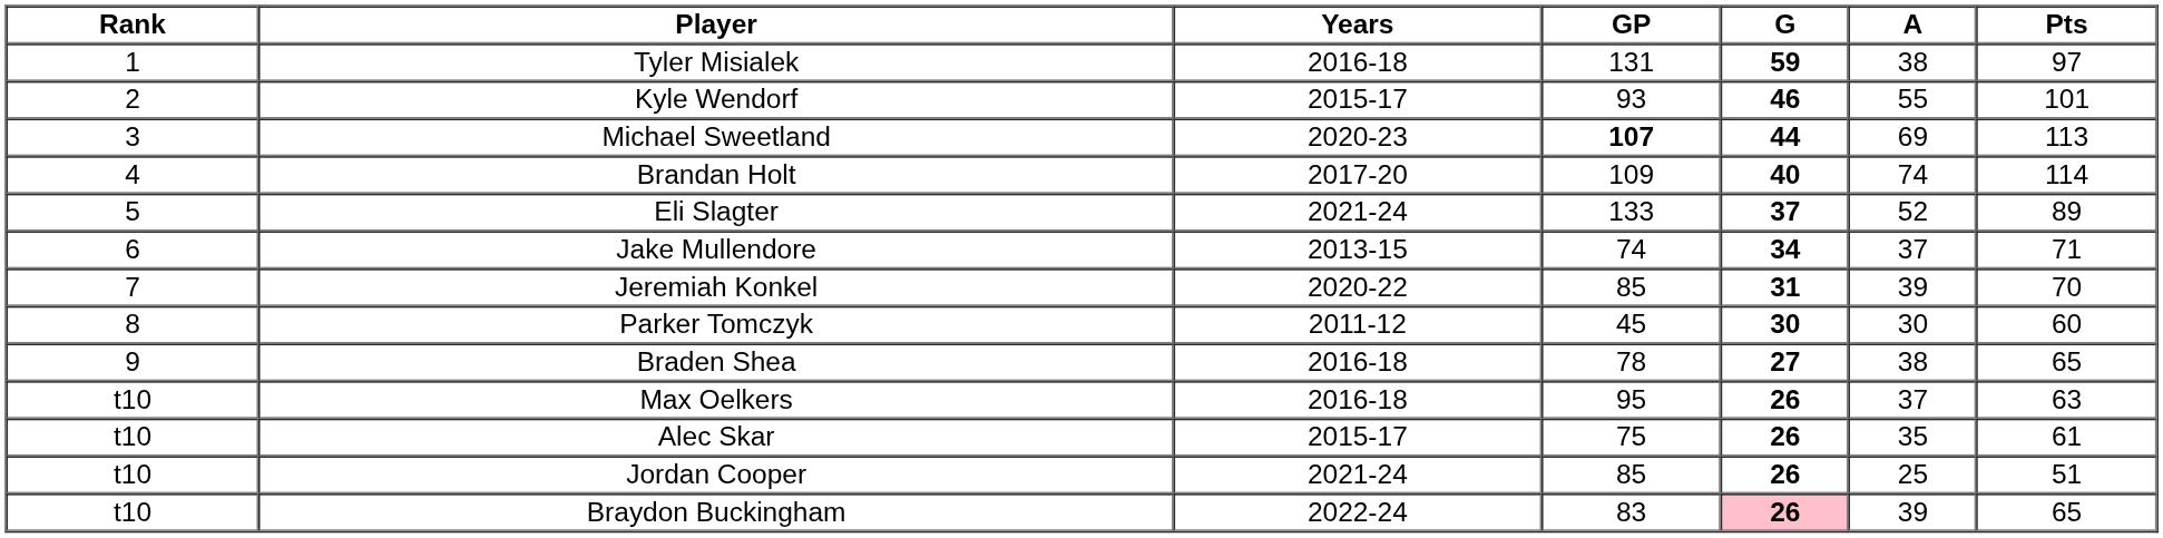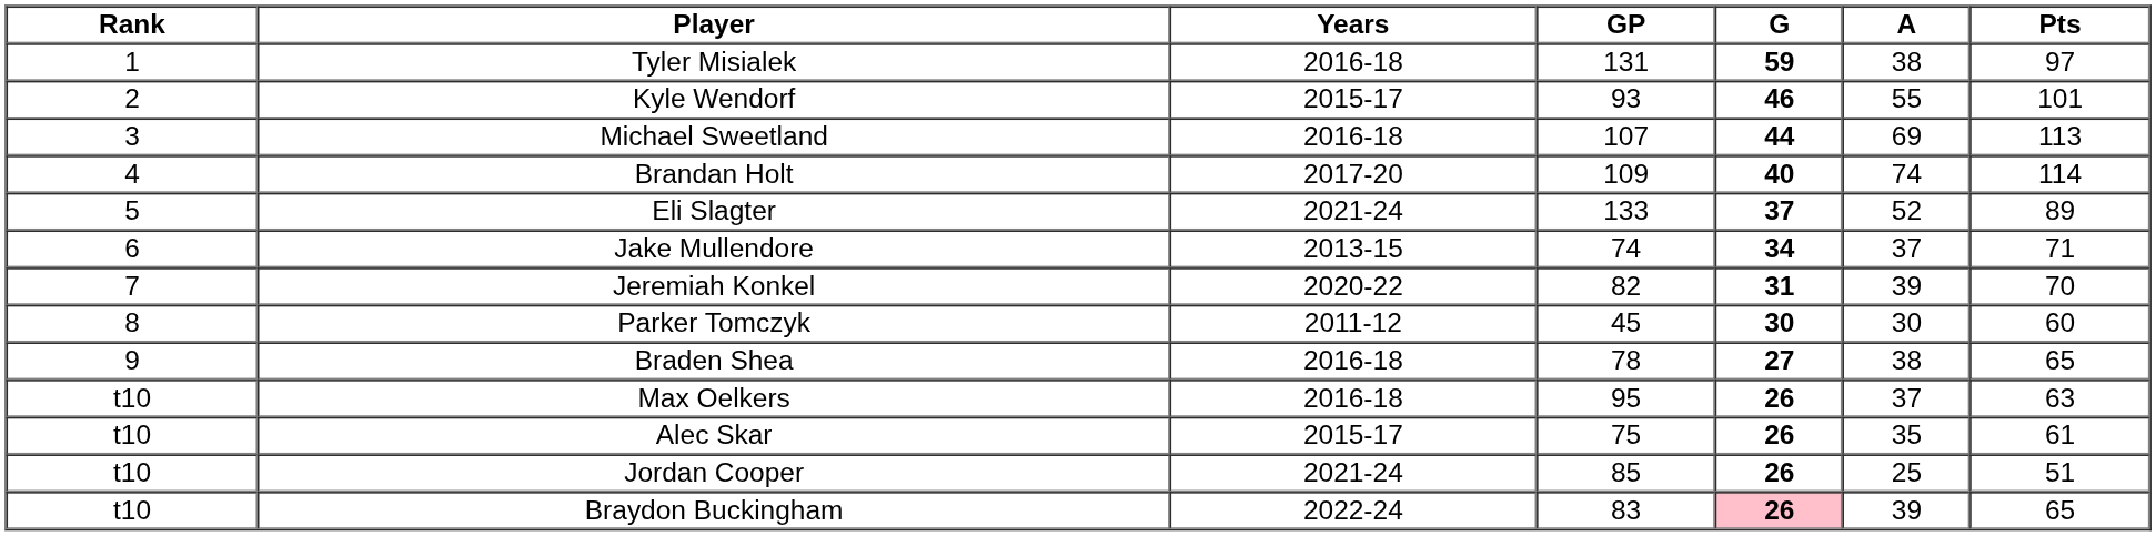 <table cellpadding="1" border="1" cellspacing="0" width="100%">
 <tr>
 <th>Rank</th>
 <th>Player</th>
 <th>Years</th>
 <th>GP</th>
 <th>G</th>
 <th>A</th>
 <th>Pts</th>
 </tr>
 <tr>
 </tr>
 <tr align="center">
 <td>1</td>
 <td>Tyler Misialek</td>
 <td>2016-18</td>
 <td>131</td>
 <td><strong>59</strong></td>
 <td>38</td>
 <td>97</td>
 </tr>
 <tr align="center">
 <td>2</td>
 <td>Kyle Wendorf</td>
 <td>2015-17</td>
 <td>93</td>
 <td><strong>46</strong></td>
 <td>55</td>
 <td>101</td>
 </tr>
 <tr align="center">
 <td>3</td>
 <td>Michael Sweetland</td>
-<td>2020-23</td>
-<td><strong>107</strong></td>
+<td>2016-18</td>
+<td>107</td>
 <td><strong>44</strong></td>
 <td>69</td>
 <td>113</td>
 </tr>
 <tr align="center">
 <td>4</td>
 <td>Brandan Holt</td>
 <td>2017-20</td>
 <td>109</td>
 <td><strong>40</strong></td>
 <td>74</td>
 <td>114</td>
 </tr>
 <tr align="center">
 <td>5</td>
 <td>Eli Slagter</td>
 <td>2021-24</td>
 <td>133</td>
 <td><strong>37</strong></td>
 <td>52</td>
 <td>89</td>
 </tr>
 <tr align="center">
 <td>6</td>
 <td>Jake Mullendore</td>
 <td>2013-15</td>
 <td>74</td>
 <td><strong>34</strong></td>
 <td>37</td>
 <td>71</td>
 </tr>
 <tr align="center">
 <td>7</td>
 <td>Jeremiah Konkel</td>
 <td>2020-22</td>
-<td>85</td>
+<td>82</td>
 <td><strong>31</strong></td>
 <td>39</td>
 <td>70</td>
 </tr>
 <tr align="center">
 </tr>
 <tr align="center">
 <td>8</td>
 <td>Parker Tomczyk</td>
 <td>2011-12</td>
 <td>45</td>
 <td><strong>30</strong></td>
 <td>30</td>
 <td>60</td>
 </tr>
 <tr align="center">
 <td>9</td>
 <td>Braden Shea</td>
 <td>2016-18</td>
 <td>78</td>
 <td><strong>27</strong></td>
 <td>38</td>
 <td>65</td>
 </tr>
 <tr align="center">
 <td>t10</td>
 <td>Max Oelkers</td>
 <td>2016-18</td>
 <td>95</td>
 <td><strong>26</strong></td>
 <td>37</td>
 <td>63</td>
 </tr>
 <tr>
 </tr>
 <tr align="center">
 <td>t10</td>
 <td>Alec Skar</td>
 <td>2015-17</td>
 <td>75</td>
 <td><strong>26</strong></td>
 <td>35</td>
 <td>61</td>
 </tr>
 <tr align="center">
 <td>t10</td>
 <td>Jordan Cooper</td>
 <td>2021-24</td>
 <td>85</td>
 <td><strong>26</strong></td>
 <td>25</td>
 <td>51</td>
 </tr>
 <tr align="center">
 <td>t10</td>
 <td>Braydon Buckingham</td>
 <td>2022-24</td>
 <td>83</td>
 <td style="background: pink;"><strong>26</strong></td>
 <td>39</td>
 <td>65</td>
 </tr>
 </table>
